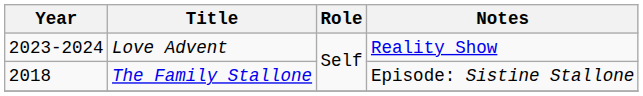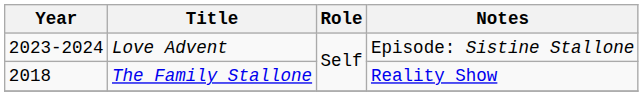 <table class="wikitable">
 <tr>
 <th>Year</th>
 <th>Title</th>
 <th>Role</th>
 <th>Notes</th>
 </tr>
 <tr>
 <td>2023-2024</td>
 <td><em>Love Advent</em></td>
 <td rowspan="2">Self</td>
-<td><a href='#'>Reality Show</a></td>
+<td>Episode: <em>Sistine Stallone</em></td>
 </tr>
 <tr>
 <td>2018</td>
 <td><em><a href='#'>The Family Stallone</a></em></td>
-<td>Episode: <em>Sistine Stallone</em></td>
+<td><a href='#'>Reality Show</a></td>
 </tr>
 <tr>
 </tr>
 </table>
